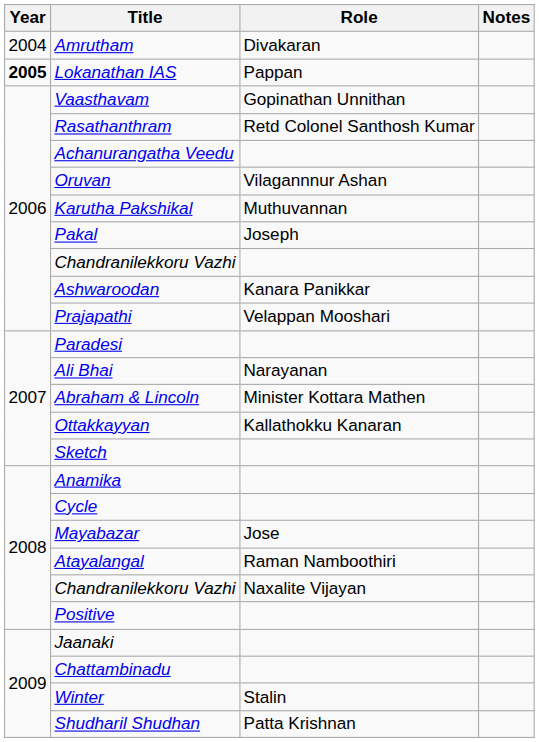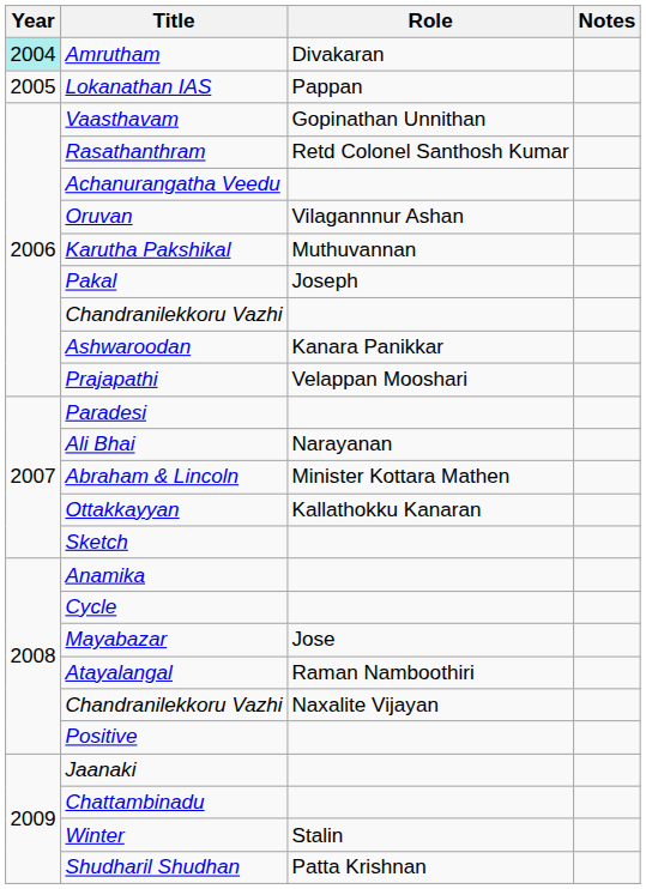 <table class="wikitable sortable">
 <tr>
 <th>Year</th>
 <th>Title</th>
 <th>Role</th>
 <th class="unsortable">Notes</th>
 </tr>
 <tr>
-<td>2004</td>
+<td style="background: paleturquoise;">2004</td>
 <td><em><a href='#'>Amrutham</a></em></td>
 <td>Divakaran</td>
 <td></td>
 </tr>
 <tr>
-<td><strong>2005</strong></td>
+<td>2005</td>
 <td><em><a href='#'>Lokanathan IAS</a></em></td>
 <td>Pappan</td>
 <td></td>
 </tr>
 <tr>
 <td rowspan=9>2006</td>
 <td><em><a href='#'>Vaasthavam</a></em></td>
 <td>Gopinathan Unnithan</td>
 <td></td>
 </tr>
 <tr>
 <td><em><a href='#'>Rasathanthram</a></em></td>
 <td>Retd Colonel Santhosh Kumar</td>
 <td></td>
 </tr>
 <tr>
 <td><em><a href='#'>Achanurangatha Veedu</a></em></td>
 <td></td>
 <td></td>
 </tr>
 <tr>
 <td><em><a href='#'>Oruvan</a></em></td>
 <td>Vilagannnur Ashan</td>
 <td></td>
 </tr>
 <tr>
 <td><em><a href='#'>Karutha Pakshikal</a></em></td>
 <td>Muthuvannan</td>
 <td></td>
 </tr>
 <tr>
 <td><em><a href='#'>Pakal</a></em></td>
 <td>Joseph</td>
 <td></td>
 </tr>
 <tr>
 <td><em>Chandranilekkoru Vazhi</em></td>
 <td></td>
 <td></td>
 </tr>
 <tr>
 <td><em><a href='#'>Ashwaroodan</a></em></td>
 <td>Kanara Panikkar</td>
 <td></td>
 </tr>
 <tr>
 <td><em><a href='#'>Prajapathi</a></em></td>
 <td>Velappan Mooshari</td>
 <td></td>
 </tr>
 <tr>
 <td rowspan=5>2007</td>
 <td><em><a href='#'>Paradesi</a></em></td>
 <td></td>
 <td></td>
 </tr>
 <tr>
 <td><em><a href='#'>Ali Bhai</a></em></td>
 <td>Narayanan</td>
 <td></td>
 </tr>
 <tr>
 <td><em><a href='#'>Abraham & Lincoln</a></em></td>
 <td>Minister Kottara Mathen</td>
 <td></td>
 </tr>
 <tr>
 <td><em><a href='#'>Ottakkayyan</a></em></td>
 <td>Kallathokku Kanaran</td>
 <td></td>
 </tr>
 <tr>
 <td><em><a href='#'>Sketch</a></em></td>
 <td></td>
 <td></td>
 </tr>
 <tr>
 <td rowspan=6>2008</td>
 <td><em><a href='#'>Anamika</a></em></td>
 <td></td>
 <td></td>
 </tr>
 <tr>
 <td><em><a href='#'>Cycle</a></em></td>
 <td></td>
 <td></td>
 </tr>
 <tr>
 <td><em><a href='#'>Mayabazar</a></em></td>
 <td>Jose</td>
 <td></td>
 </tr>
 <tr>
 <td><em><a href='#'>Atayalangal</a></em></td>
 <td>Raman Namboothiri</td>
 <td></td>
 </tr>
 <tr>
 <td><em>Chandranilekkoru Vazhi</em></td>
 <td>Naxalite Vijayan</td>
 <td></td>
 </tr>
 <tr>
 <td><em><a href='#'>Positive</a></em></td>
 <td></td>
 <td></td>
 </tr>
 <tr>
 <td rowspan=4>2009</td>
 <td><em>Jaanaki</em></td>
 <td></td>
 <td></td>
 </tr>
 <tr>
 <td><em><a href='#'>Chattambinadu</a></em></td>
 <td></td>
 <td></td>
 </tr>
 <tr>
 <td><em><a href='#'>Winter</a></em></td>
 <td>Stalin</td>
 <td></td>
 </tr>
 <tr>
 <td><em><a href='#'>Shudharil Shudhan</a></em></td>
 <td>Patta Krishnan</td>
 <td></td>
 </tr>
 <tr>
 </tr>
 </table>
